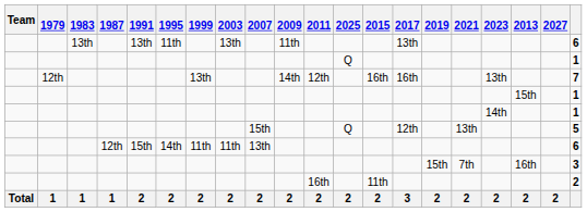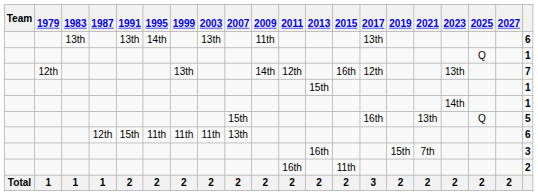 <table class="wikitable" style="text-align:center; font-size:90%">
 <tr bgcolor=>
 <th>Team</th>
 <th><br><a href='#'>1979</a></th>
 <th><br><a href='#'>1983</a></th>
 <th><br><a href='#'>1987</a></th>
 <th><br><a href='#'>1991</a></th>
 <th><br><a href='#'>1995</a></th>
 <th><br><a href='#'>1999</a></th>
 <th><br><a href='#'>2003</a></th>
 <th><br><a href='#'>2007</a></th>
 <th><br><a href='#'>2009</a></th>
 <th><br><a href='#'>2011</a></th>
-<th><br><a href='#'>2025</a></th>
+<th><br><a href='#'>2013</a></th>
 <th><br><a href='#'>2015</a></th>
 <th><br><a href='#'>2017</a></th>
 <th><br><a href='#'>2019</a></th>
 <th><br><a href='#'>2021</a></th>
 <th><br><a href='#'>2023</a></th>
-<th><br><a href='#'>2013</a></th>
+<th><br><a href='#'>2025</a></th>
 <th><br><a href='#'>2027</a></th>
 <th></th>
 </tr>
 <tr>
 <td align=left></td>
 <td></td>
 <td>13th</td>
 <td></td>
 <td>13th</td>
-<td>11th</td>
+<td>14th</td>
 <td></td>
 <td>13th</td>
 <td></td>
 <td>11th</td>
 <td></td>
 <td></td>
 <td></td>
 <td>13th</td>
 <td></td>
 <td></td>
 <td></td>
 <td></td>
 <td></td>
 <td><strong>6</strong></td>
 </tr>
 <tr>
 <td align=left></td>
 <td></td>
 <td></td>
 <td></td>
 <td></td>
 <td></td>
 <td></td>
 <td></td>
 <td></td>
 <td></td>
 <td></td>
-<td>Q</td>
 <td></td>
 <td></td>
 <td></td>
 <td></td>
 <td></td>
 <td></td>
+<td>Q</td>
 <td></td>
 <td><strong>1</strong></td>
 </tr>
 <tr>
 <td align=left></td>
 <td>12th</td>
 <td></td>
 <td></td>
 <td></td>
 <td></td>
 <td>13th</td>
 <td></td>
 <td></td>
 <td>14th</td>
 <td>12th</td>
 <td></td>
 <td>16th</td>
-<td>16th</td>
+<td>12th</td>
 <td></td>
 <td></td>
 <td>13th</td>
 <td></td>
 <td></td>
 <td><strong>7</strong></td>
 </tr>
 <tr>
 <td align=left></td>
 <td></td>
 <td></td>
 <td></td>
 <td></td>
 <td></td>
 <td></td>
 <td></td>
 <td></td>
 <td></td>
 <td></td>
+<td>15th</td>
 <td></td>
 <td></td>
 <td></td>
 <td></td>
 <td></td>
 <td></td>
-<td>15th</td>
 <td></td>
 <td><strong>1</strong></td>
 </tr>
 <tr>
 <td align=left></td>
 <td></td>
 <td></td>
 <td></td>
 <td></td>
 <td></td>
 <td></td>
 <td></td>
 <td></td>
 <td></td>
 <td></td>
 <td></td>
 <td></td>
 <td></td>
 <td></td>
 <td></td>
 <td>14th</td>
 <td></td>
 <td></td>
 <td><strong>1</strong></td>
 </tr>
 <tr>
 <td align=left></td>
 <td></td>
 <td></td>
 <td></td>
 <td></td>
 <td></td>
 <td></td>
 <td></td>
 <td>15th</td>
 <td></td>
 <td></td>
-<td>Q</td>
 <td></td>
-<td>12th</td>
+<td></td>
+<td>16th</td>
 <td></td>
 <td>13th</td>
 <td></td>
-<td></td>
+<td>Q</td>
 <td></td>
 <td><strong>5</strong></td>
 </tr>
 <tr>
 <td align=left></td>
 <td></td>
 <td></td>
 <td>12th</td>
 <td>15th</td>
-<td>14th</td>
+<td>11th</td>
 <td>11th</td>
 <td>11th</td>
 <td>13th</td>
 <td></td>
 <td></td>
 <td></td>
 <td></td>
 <td></td>
 <td></td>
 <td></td>
 <td></td>
 <td></td>
 <td></td>
 <td><strong>6</strong></td>
 </tr>
 <tr>
 <td align=left></td>
 <td></td>
 <td></td>
 <td></td>
 <td></td>
 <td></td>
 <td></td>
 <td></td>
 <td></td>
 <td></td>
 <td></td>
-<td></td>
+<td>16th</td>
 <td></td>
 <td></td>
 <td>15th</td>
 <td>7th</td>
 <td></td>
-<td>16th</td>
+<td></td>
 <td></td>
 <td><strong>3</strong></td>
 </tr>
 <tr>
 <td align=left></td>
 <td></td>
 <td></td>
 <td></td>
 <td></td>
 <td></td>
 <td></td>
 <td></td>
 <td></td>
 <td></td>
 <td>16th</td>
 <td></td>
 <td>11th</td>
 <td></td>
 <td></td>
 <td></td>
 <td></td>
 <td></td>
 <td></td>
 <td><strong>2</strong></td>
 </tr>
 <tr>
 <th align=left>Total</th>
 <th>1</th>
 <th>1</th>
 <th>1</th>
 <th>2</th>
 <th>2</th>
 <th>2</th>
 <th>2</th>
 <th>2</th>
 <th>2</th>
 <th>2</th>
 <th>2</th>
 <th>2</th>
 <th>3</th>
 <th>2</th>
 <th>2</th>
 <th>2</th>
 <th>2</th>
 <th>2</th>
 <th></th>
 </tr>
 </table>
